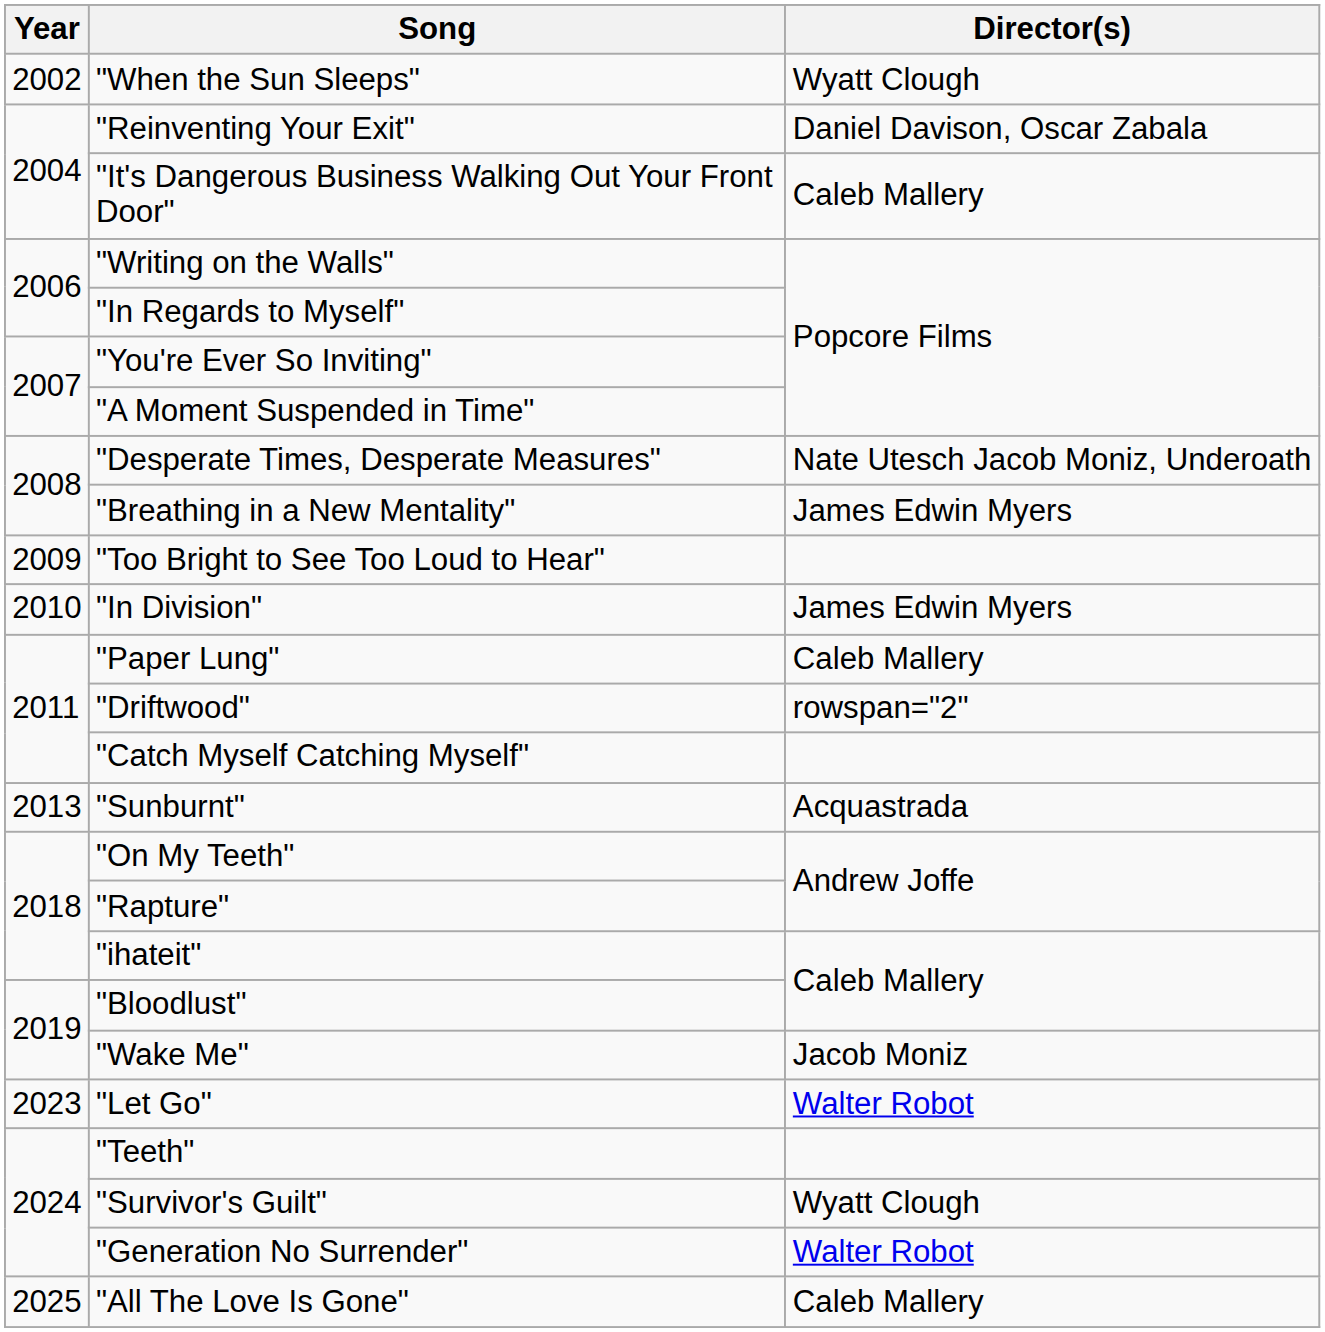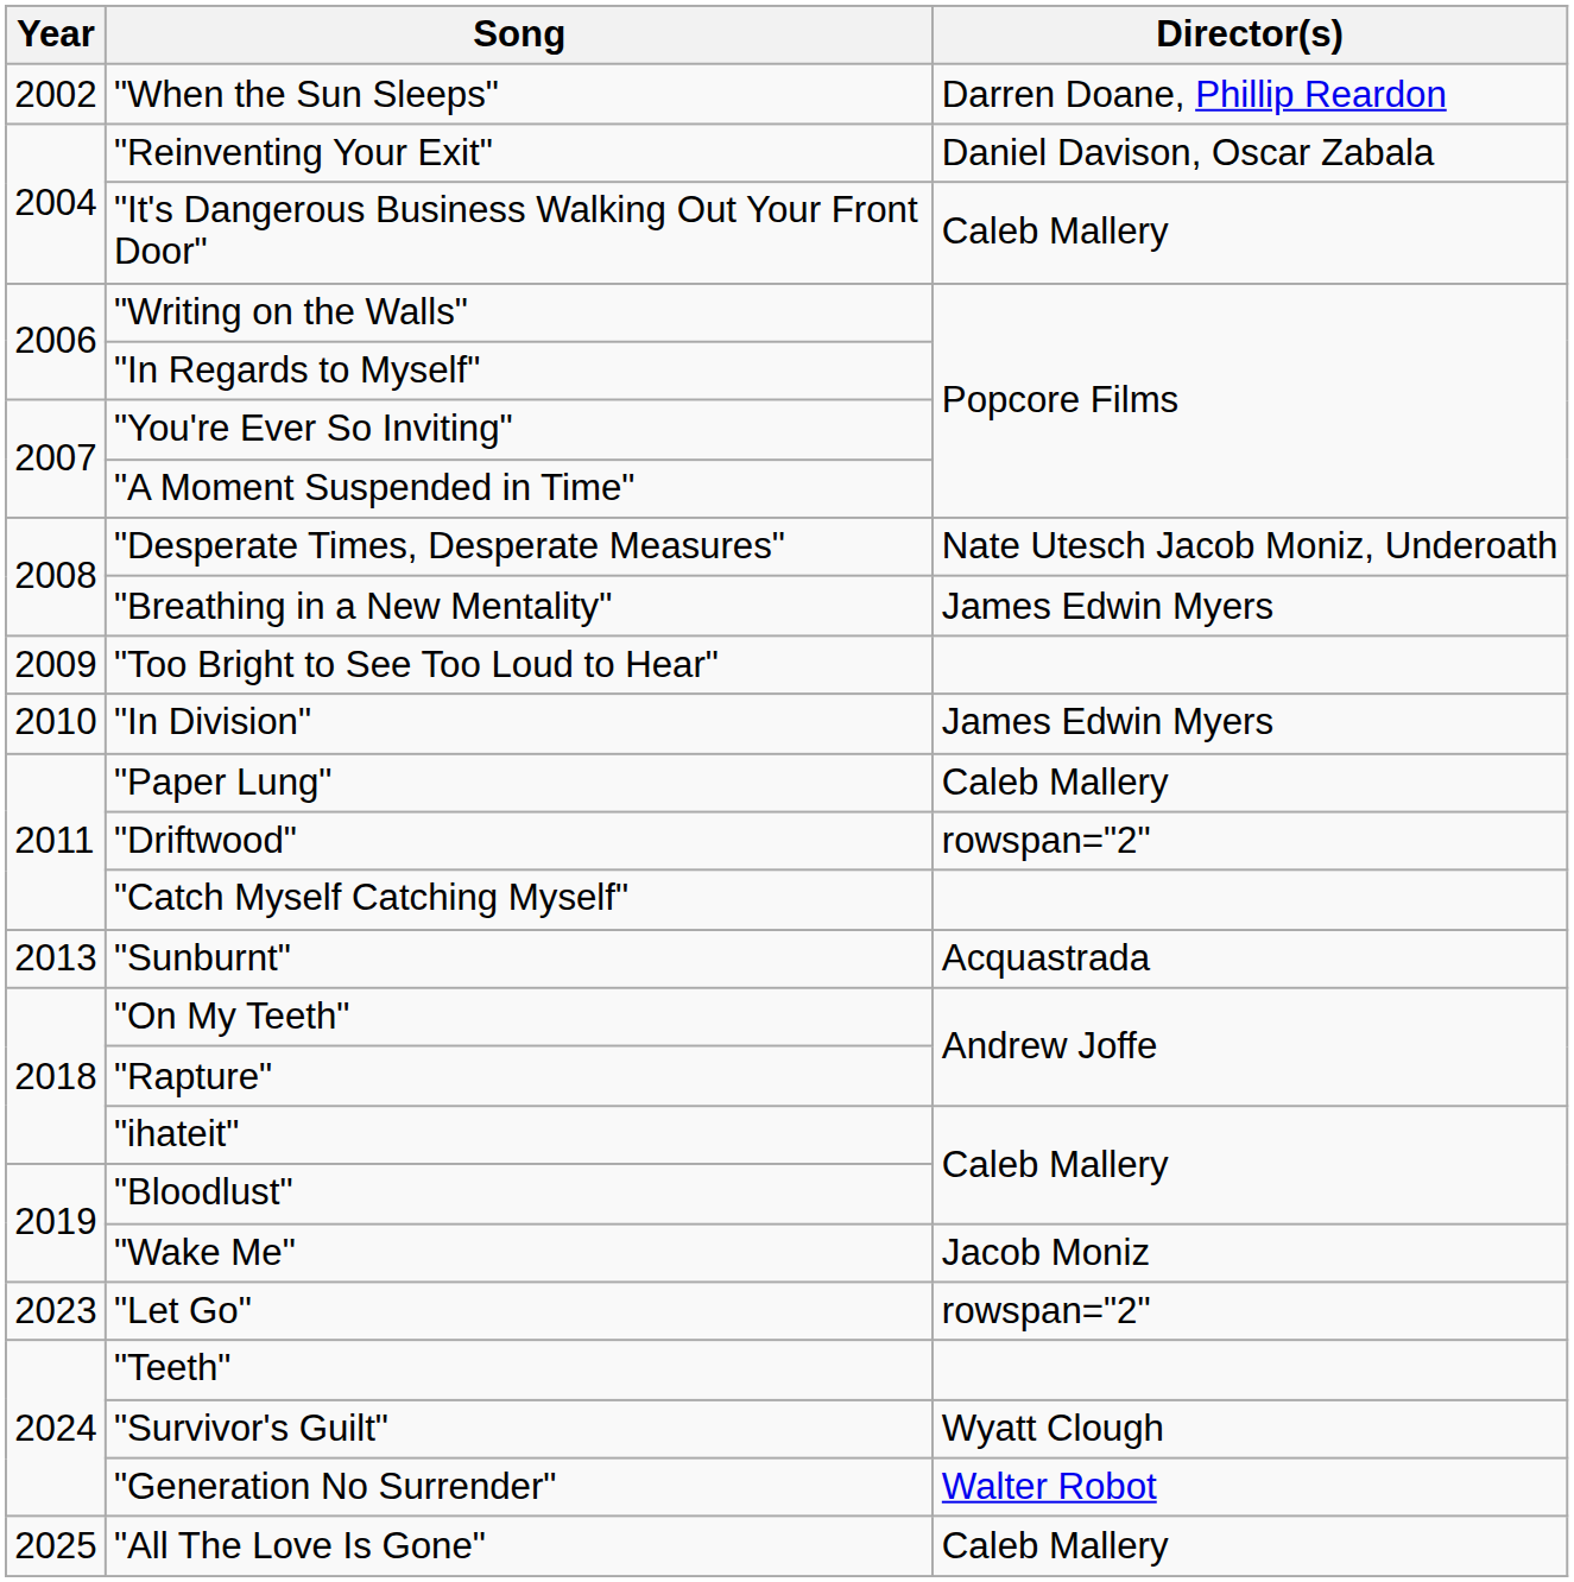 <table class="wikitable">
 <tr>
 <th>Year</th>
 <th style="width:350px;">Song</th>
 <th>Director(s)</th>
 </tr>
 <tr>
 <td>2002</td>
 <td>"When the Sun Sleeps"</td>
-<td>Wyatt Clough</td>
+<td>Darren Doane, <a href='#'>Phillip Reardon</a></td>
 </tr>
 <tr>
 <td rowspan="2">2004</td>
 <td>"Reinventing Your Exit"</td>
 <td>Daniel Davison, Oscar Zabala</td>
 </tr>
 <tr>
 <td>"It's Dangerous Business Walking Out Your Front Door"</td>
 <td>Caleb Mallery</td>
 </tr>
 <tr>
 <td rowspan="2">2006</td>
 <td>"Writing on the Walls"</td>
 <td rowspan="4">Popcore Films</td>
 </tr>
 <tr>
 <td>"In Regards to Myself"</td>
 </tr>
 <tr>
 <td rowspan="2">2007</td>
 <td>"You're Ever So Inviting"</td>
 </tr>
 <tr>
 <td>"A Moment Suspended in Time"</td>
 </tr>
 <tr>
 <td rowspan="2">2008</td>
 <td>"Desperate Times, Desperate Measures"</td>
 <td>Nate Utesch Jacob Moniz, Underoath</td>
 </tr>
 <tr>
 <td>"Breathing in a New Mentality"</td>
 <td>James Edwin Myers</td>
 </tr>
 <tr>
 <td>2009</td>
 <td>"Too Bright to See Too Loud to Hear"</td>
 <td></td>
 </tr>
 <tr>
 <td>2010</td>
 <td>"In Division"</td>
 <td>James Edwin Myers</td>
 </tr>
 <tr>
 <td rowspan="3">2011</td>
 <td>"Paper Lung"</td>
 <td>Caleb Mallery</td>
 </tr>
 <tr>
 <td>"Driftwood"</td>
 <td>rowspan="2" </td>
 </tr>
 <tr>
 <td>"Catch Myself Catching Myself"</td>
 </tr>
 <tr>
 <td>2013</td>
 <td>"Sunburnt"</td>
 <td>Acquastrada</td>
 </tr>
 <tr>
 <td rowspan="3">2018</td>
 <td>"On My Teeth"</td>
 <td rowspan="2">Andrew Joffe</td>
 </tr>
 <tr>
 <td>"Rapture"</td>
 </tr>
 <tr>
 <td>"ihateit"</td>
 <td rowspan="2">Caleb Mallery</td>
 </tr>
 <tr>
 <td rowspan="2">2019</td>
 <td>"Bloodlust"</td>
 </tr>
 <tr>
 <td>"Wake Me"</td>
 <td>Jacob Moniz</td>
 </tr>
 <tr>
 <td>2023</td>
 <td>"Let Go"</td>
-<td><a href='#'>Walter Robot</a></td>
+<td>rowspan="2" </td>
 </tr>
 <tr>
 <td rowspan="3">2024</td>
 <td>"Teeth"</td>
 </tr>
 <tr>
 <td>"Survivor's Guilt"</td>
 <td>Wyatt Clough</td>
 </tr>
 <tr>
 <td>"Generation No Surrender"</td>
 <td><a href='#'>Walter Robot</a></td>
 </tr>
 <tr>
 <td>2025</td>
 <td>"All The Love Is Gone"</td>
 <td>Caleb Mallery</td>
 </tr>
 </table>
